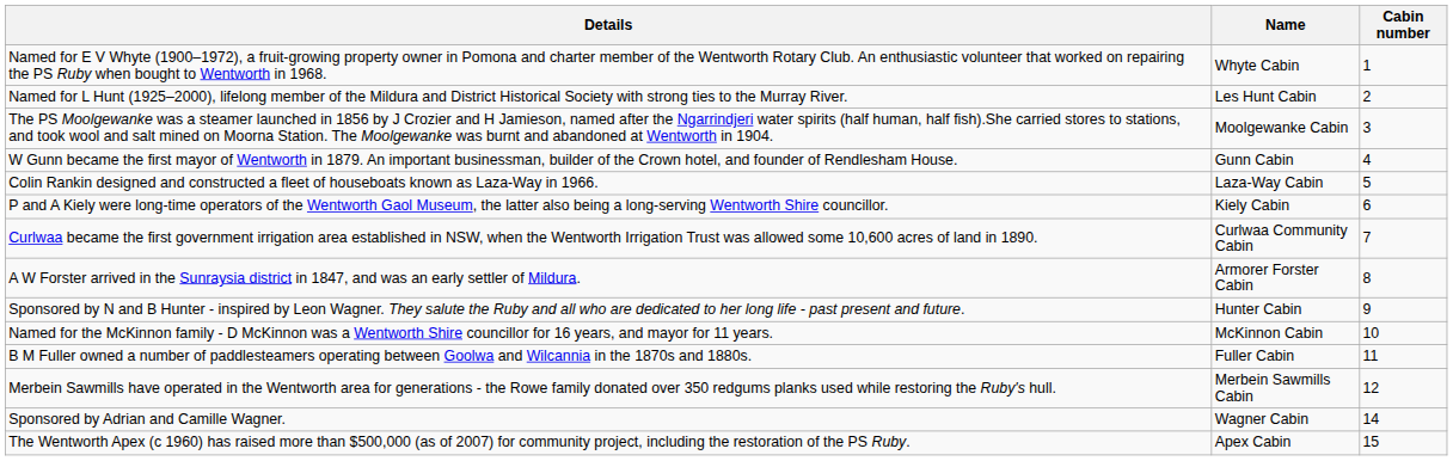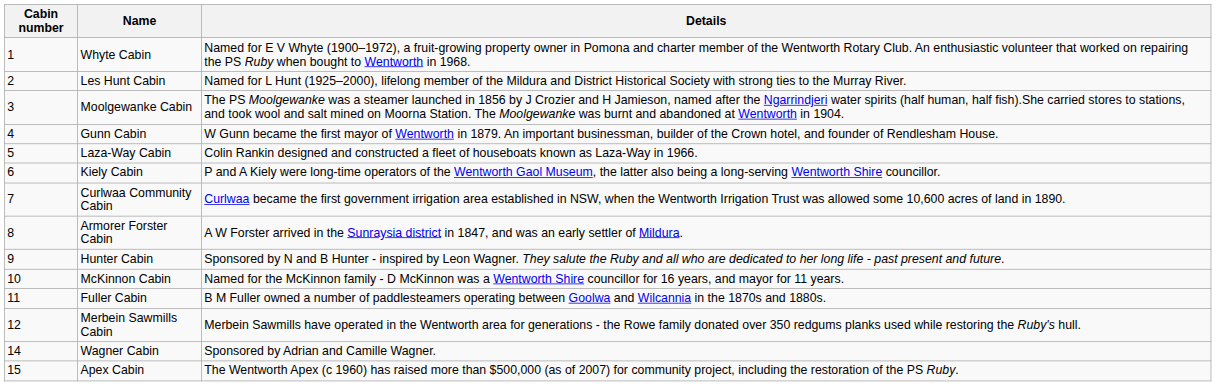 <table class="wikitable">
 <tr>
+<th>Cabin number</th>
+<th>Name</th>
 <th>Details</th>
-<th>Name</th>
-<th>Cabin number</th>
 </tr>
 <tr>
+<td>1</td>
+<td>Whyte Cabin</td>
 <td>Named for E V Whyte (1900–1972), a fruit-growing property owner in Pomona and charter member of the Wentworth Rotary Club. An enthusiastic volunteer that worked on repairing the PS <em>Ruby</em> when bought to <a href='#'>Wentworth</a> in 1968.</td>
-<td>Whyte Cabin</td>
-<td>1</td>
 </tr>
 <tr>
+<td>2</td>
+<td>Les Hunt Cabin</td>
 <td>Named for L Hunt (1925–2000), lifelong member of the Mildura and District Historical Society with strong ties to the Murray River.</td>
-<td>Les Hunt Cabin</td>
-<td>2</td>
 </tr>
 <tr>
+<td>3</td>
+<td>Moolgewanke Cabin</td>
 <td>The PS <em>Moolgewanke</em> was a steamer launched in 1856 by J Crozier and H Jamieson, named after the <a href='#'>Ngarrindjeri</a> water spirits (half human, half fish).She carried stores to stations, and took wool and salt mined on Moorna Station. The <em>Moolgewanke</em> was burnt and abandoned at <a href='#'>Wentworth</a> in 1904.</td>
-<td>Moolgewanke Cabin</td>
-<td>3</td>
 </tr>
 <tr>
+<td>4</td>
+<td>Gunn Cabin</td>
 <td>W Gunn became the first mayor of <a href='#'>Wentworth</a> in 1879. An important businessman, builder of the Crown hotel, and founder of Rendlesham House.</td>
-<td>Gunn Cabin</td>
-<td>4</td>
 </tr>
 <tr>
+<td>5</td>
+<td>Laza-Way Cabin</td>
 <td>Colin Rankin designed and constructed a fleet of houseboats known as Laza-Way in 1966.</td>
-<td>Laza-Way Cabin</td>
-<td>5</td>
 </tr>
 <tr>
+<td>6</td>
+<td>Kiely Cabin</td>
 <td>P and A Kiely were long-time operators of the <a href='#'>Wentworth Gaol Museum</a>, the latter also being a long-serving <a href='#'>Wentworth Shire</a> councillor.</td>
-<td>Kiely Cabin</td>
-<td>6</td>
 </tr>
 <tr>
+<td>7</td>
+<td>Curlwaa Community Cabin</td>
 <td><a href='#'>Curlwaa</a> became the first government irrigation area established in NSW, when the Wentworth Irrigation Trust was allowed some 10,600 acres of land in 1890.</td>
-<td>Curlwaa Community Cabin</td>
-<td>7</td>
 </tr>
 <tr>
+<td>8</td>
+<td>Armorer Forster Cabin</td>
 <td>A W Forster arrived in the <a href='#'>Sunraysia district</a> in 1847, and was an early settler of <a href='#'>Mildura</a>.</td>
-<td>Armorer Forster Cabin</td>
-<td>8</td>
 </tr>
 <tr>
+<td>9</td>
+<td>Hunter Cabin</td>
 <td>Sponsored by N and B Hunter - inspired by Leon Wagner. <em>They salute the Ruby and all who are dedicated to her long life - past present and future</em>.</td>
-<td>Hunter Cabin</td>
-<td>9</td>
 </tr>
 <tr>
+<td>10</td>
+<td>McKinnon Cabin</td>
 <td>Named for the McKinnon family -  D McKinnon was a <a href='#'>Wentworth Shire</a> councillor for 16 years, and mayor for 11 years.</td>
-<td>McKinnon Cabin</td>
-<td>10</td>
 </tr>
 <tr>
+<td>11</td>
+<td>Fuller Cabin</td>
 <td>B M Fuller owned a number of paddlesteamers operating between <a href='#'>Goolwa</a> and <a href='#'>Wilcannia</a> in the 1870s and 1880s.</td>
-<td>Fuller Cabin</td>
-<td>11</td>
 </tr>
 <tr>
+<td>12</td>
+<td>Merbein Sawmills Cabin</td>
 <td>Merbein Sawmills have operated in the Wentworth area for generations - the Rowe family donated over 350 redgums planks used while restoring the <em>Ruby's</em> hull.</td>
-<td>Merbein Sawmills Cabin</td>
-<td>12</td>
 </tr>
 <tr>
+<td>14</td>
+<td>Wagner Cabin</td>
 <td>Sponsored by Adrian and Camille Wagner.</td>
-<td>Wagner Cabin</td>
-<td>14</td>
 </tr>
 <tr>
+<td>15</td>
+<td>Apex Cabin</td>
 <td>The Wentworth Apex (c 1960) has raised more than $500,000 (as of 2007) for community project, including the restoration of the PS <em>Ruby</em>.</td>
-<td>Apex Cabin</td>
-<td>15</td>
 </tr>
 </table>
